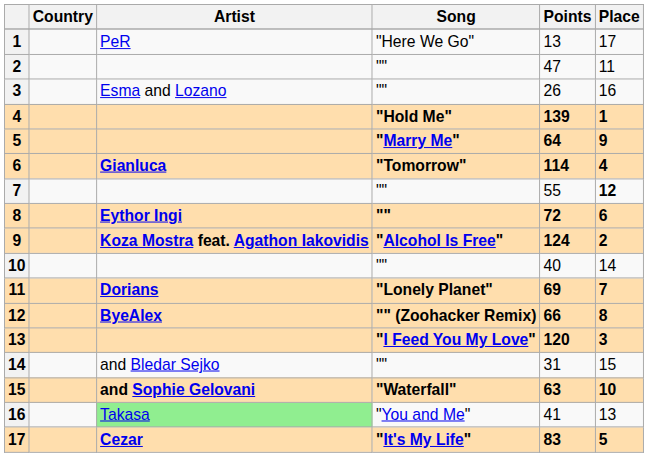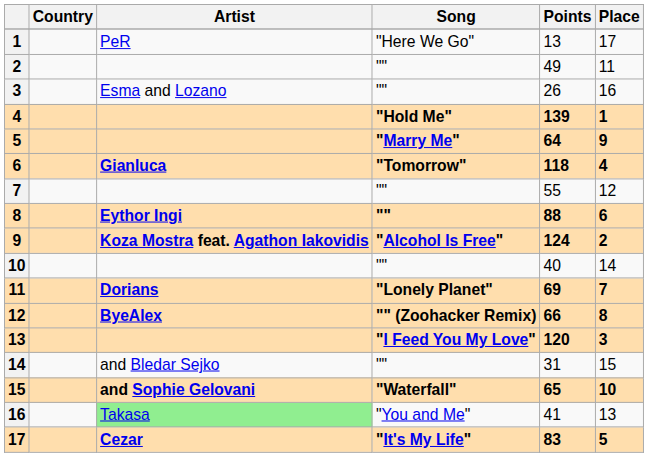 <table class="sortable wikitable plainrowheaders">
 <tr>
 </tr>
 <tr>
 <th scope="col"></th>
 <th scope="col">Country</th>
 <th scope="col">Artist</th>
 <th scope="col">Song</th>
 <th scope="col">Points</th>
 <th scope="col">Place</th>
 </tr>
 <tr>
 </tr>
 <tr>
 <th scope="row" style="text-align:center;">1</th>
 <td></td>
 <td><a href='#'>PeR</a></td>
 <td>"Here We Go"</td>
 <td>13</td>
 <td>17</td>
 </tr>
 <tr>
 <th scope="row" style="text-align:center;">2</th>
 <td></td>
 <td></td>
 <td>""</td>
-<td>47</td>
+<td>49</td>
 <td>11</td>
 </tr>
 <tr>
 <th scope="row" style="text-align:center;">3</th>
 <td></td>
 <td><a href='#'>Esma</a> and <a href='#'>Lozano</a></td>
 <td>""</td>
 <td>26</td>
 <td>16</td>
 </tr>
 <tr style="font-weight:bold; background:navajowhite;">
 <th scope="row" style="text-align:center; font-weight:bold; background:navajowhite;">4</th>
 <td></td>
 <td></td>
 <td>"Hold Me"</td>
 <td>139</td>
 <td>1</td>
 </tr>
 <tr style="font-weight:bold; background:navajowhite;">
 <th scope="row" style="text-align:center; font-weight:bold; background:navajowhite;">5</th>
 <td></td>
 <td></td>
 <td>"<a href='#'>Marry Me</a>"</td>
 <td>64</td>
 <td>9</td>
 </tr>
 <tr style="font-weight:bold; background:navajowhite;">
 <th scope="row" style="text-align:center; font-weight:bold; background:navajowhite;">6</th>
 <td></td>
 <td><a href='#'>Gianluca</a></td>
 <td>"Tomorrow"</td>
-<td>114</td>
+<td>118</td>
 <td>4</td>
 </tr>
 <tr>
 <th scope="row" style="text-align:center;">7</th>
 <td></td>
 <td></td>
 <td>""</td>
 <td>55</td>
-<td><strong>12</strong></td>
+<td>12</td>
 </tr>
 <tr style="font-weight:bold; background:navajowhite;">
 <th scope="row" style="text-align:center; font-weight:bold; background:navajowhite;">8</th>
 <td></td>
 <td><a href='#'>Eythor Ingi</a></td>
 <td>""</td>
-<td>72</td>
+<td>88</td>
 <td>6</td>
 </tr>
 <tr style="font-weight:bold; background:navajowhite;">
 <th scope="row" style="text-align:center; font-weight:bold; background:navajowhite;">9</th>
 <td></td>
 <td><a href='#'>Koza Mostra</a> feat. <a href='#'>Agathon Iakovidis</a></td>
 <td>"<a href='#'>Alcohol Is Free</a>"</td>
 <td>124</td>
 <td>2</td>
 </tr>
 <tr>
 <th scope="row" style="text-align:center;">10</th>
 <td></td>
 <td></td>
 <td>""</td>
 <td>40</td>
 <td>14</td>
 </tr>
 <tr style="font-weight:bold; background:navajowhite;">
 <th scope="row" style="text-align:center; font-weight:bold; background:navajowhite;">11</th>
 <td></td>
 <td><a href='#'>Dorians</a></td>
 <td>"Lonely Planet"</td>
 <td>69</td>
 <td>7</td>
 </tr>
 <tr style="font-weight:bold; background:navajowhite;">
 <th scope="row" style="text-align:center; font-weight:bold; background:navajowhite;">12</th>
 <td></td>
 <td><a href='#'>ByeAlex</a></td>
 <td>"" (Zoohacker Remix)</td>
 <td>66</td>
 <td>8</td>
 </tr>
 <tr style="font-weight:bold; background:navajowhite;">
 <th scope="row" style="text-align:center; font-weight:bold; background:navajowhite;">13</th>
 <td></td>
 <td></td>
 <td>"<a href='#'>I Feed You My Love</a>"</td>
 <td>120</td>
 <td>3</td>
 </tr>
 <tr>
 <th scope="row" style="text-align:center;">14</th>
 <td></td>
 <td> and <a href='#'>Bledar Sejko</a></td>
 <td>""</td>
 <td>31</td>
 <td>15</td>
 </tr>
 <tr style="font-weight:bold; background:navajowhite;">
 <th scope="row" style="text-align:center; font-weight:bold; background:navajowhite;">15</th>
 <td></td>
 <td> and <a href='#'>Sophie Gelovani</a></td>
 <td>"Waterfall"</td>
-<td>63</td>
+<td>65</td>
 <td>10</td>
 </tr>
 <tr>
 <th scope="row" style="text-align:center;">16</th>
 <td></td>
 <td style="background: lightgreen;"><a href='#'>Takasa</a></td>
 <td>"<a href='#'>You and Me</a>"</td>
 <td>41</td>
 <td>13</td>
 </tr>
 <tr style="font-weight:bold; background:navajowhite;">
 <th scope="row" style="text-align:center; font-weight:bold; background:navajowhite;">17</th>
 <td></td>
 <td><a href='#'>Cezar</a></td>
 <td>"<a href='#'>It's My Life</a>"</td>
 <td>83</td>
 <td>5</td>
 </tr>
 </table>
